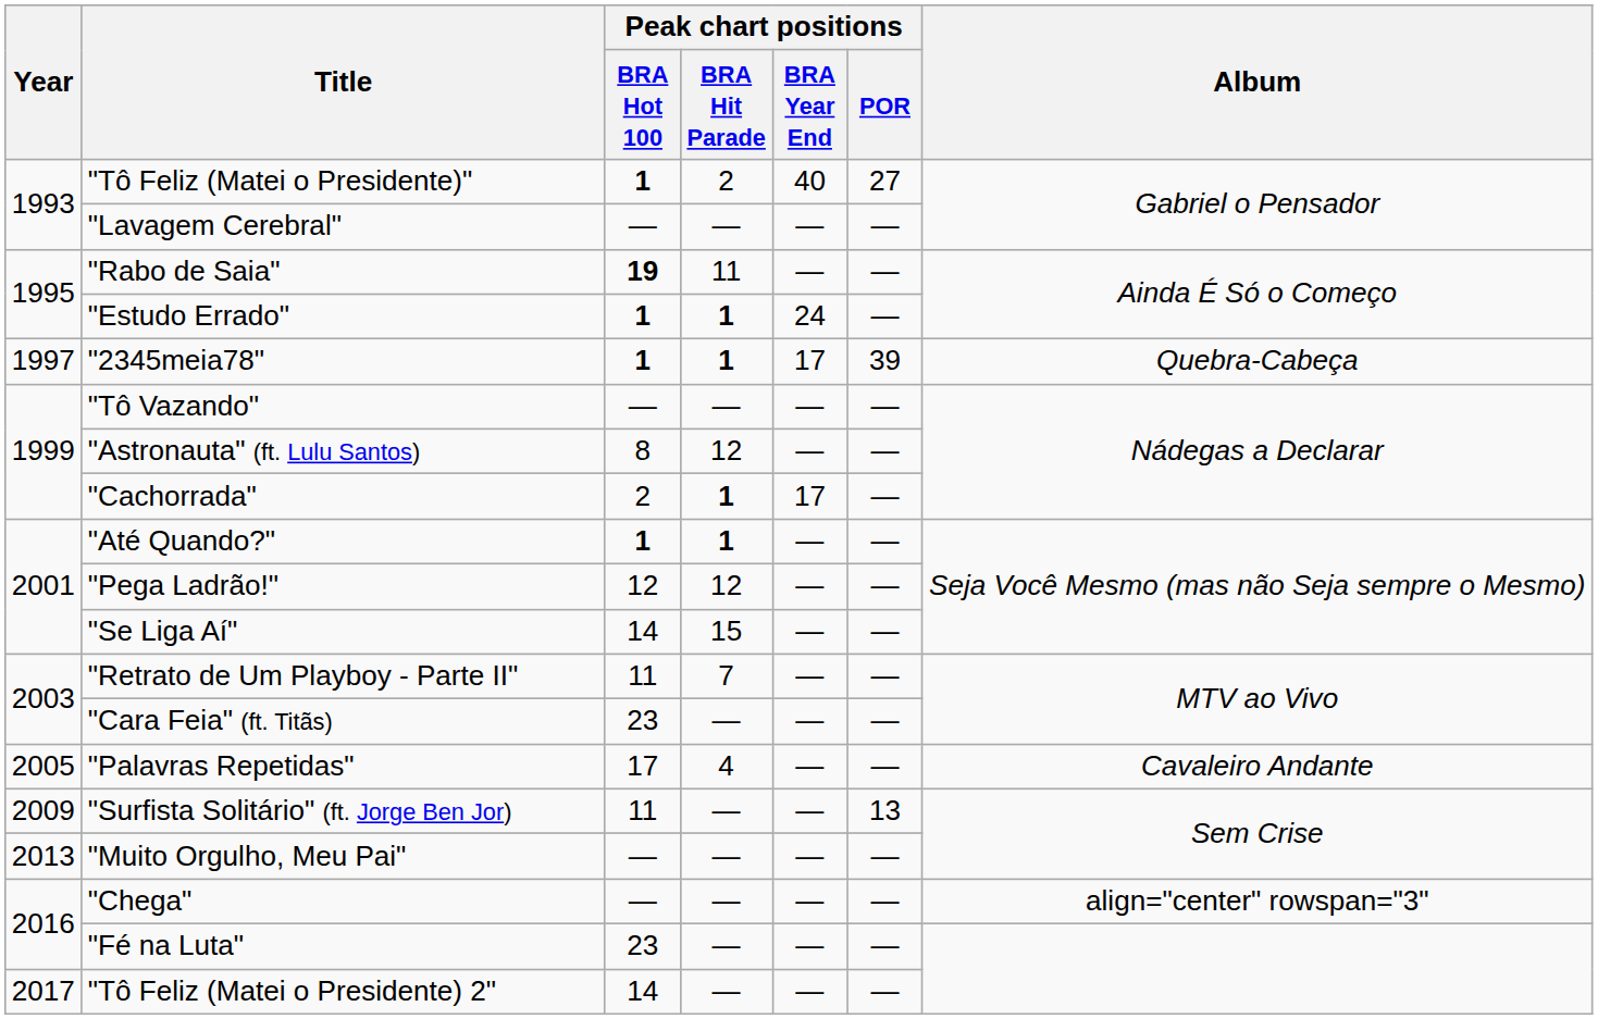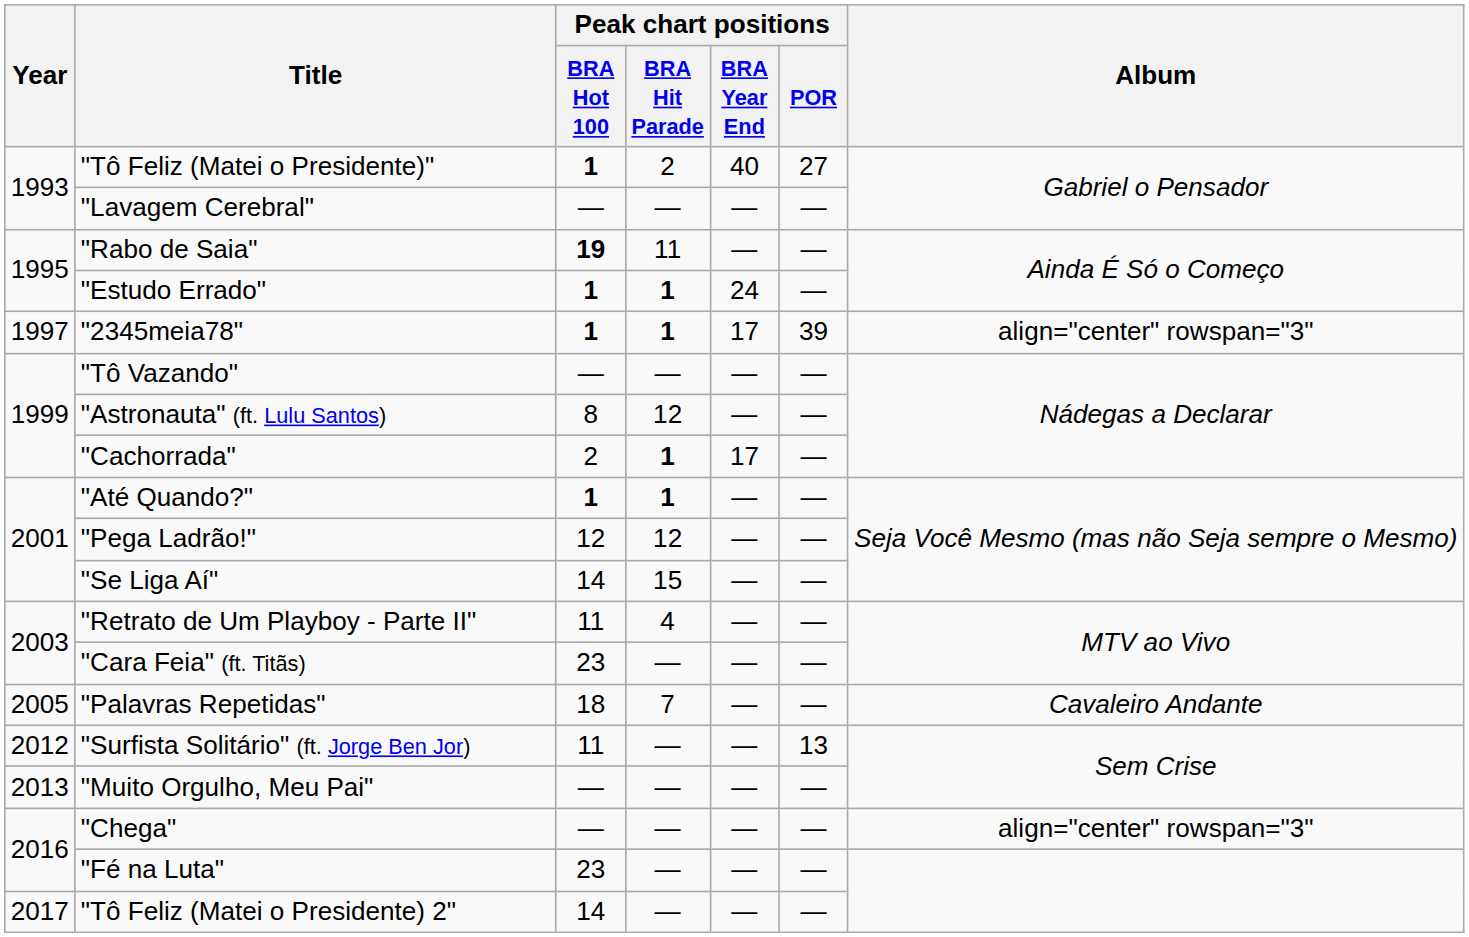 <table class="wikitable plainrowheaders" style="text-align:center;">
 <tr>
 <th scope="col" rowspan="2">Year</th>
 <th scope="col" rowspan="2" style="width:18em;">Title</th>
 <th scope="col" colspan="4">Peak chart positions</th>
 <th scope="col" rowspan="2">Album</th>
 </tr>
 <tr>
 <th align="center" width="35"><small><a href='#'>BRA Hot 100</a></small></th>
 <th align="center" width="35"><small><a href='#'>BRA Hit Parade</a></small></th>
 <th align="center" width="35"><small><a href='#'>BRA Year End</a></small></th>
 <th align="center" width="35"><small><a href='#'>POR</a></small></th>
 </tr>
 <tr>
 <td align="left" rowspan="2">1993</td>
 <td align="left">"Tô Feliz (Matei o Presidente)"</td>
 <td align="center"><strong>1</strong></td>
 <td align="center">2</td>
 <td align="center">40</td>
 <td align="center">27</td>
 <td align="center" rowspan="2"><em>Gabriel o Pensador</em></td>
 </tr>
 <tr>
 <td align="left">"Lavagem Cerebral"</td>
 <td align="center">—</td>
 <td align="center">—</td>
 <td align="center">—</td>
 <td align="center">—</td>
 </tr>
 <tr>
 <td rowspan="2">1995</td>
 <td align="left">"Rabo de Saia"</td>
 <td align="center"><strong>19</strong></td>
 <td align="center">11</td>
 <td align="center">—</td>
 <td align="center">—</td>
 <td align="center" rowspan="2"><em>Ainda É Só o Começo</em></td>
 </tr>
 <tr>
 <td align="left">"Estudo Errado"</td>
 <td align="center"><strong>1</strong></td>
 <td align="center"><strong>1</strong></td>
 <td align="center">24</td>
 <td align="center">—</td>
 </tr>
 <tr>
 <td>1997</td>
 <td align="left">"2345meia78"</td>
 <td align="center"><strong>1</strong></td>
 <td align="center"><strong>1</strong></td>
 <td align="center">17</td>
 <td align="center">39</td>
-<td align="center"><em>Quebra-Cabeça</em></td>
+<td>align="center" rowspan="3" </td>
 </tr>
 <tr>
 <td rowspan="3">1999</td>
 <td align="left">"Tô Vazando"</td>
 <td align="center">—</td>
 <td align="center">—</td>
 <td align="center">—</td>
 <td align="center">—</td>
 <td align="center" rowspan="3"><em>Nádegas a Declarar</em></td>
 </tr>
 <tr>
 <td align="left">"Astronauta" <small>(ft. <a href='#'>Lulu Santos</a>)</small></td>
 <td align="center">8</td>
 <td align="center">12</td>
 <td align="center">—</td>
 <td align="center">—</td>
 </tr>
 <tr>
 <td align="left">"Cachorrada"</td>
 <td align="center">2</td>
 <td align="center"><strong>1</strong></td>
 <td align="center">17</td>
 <td align="center">—</td>
 </tr>
 <tr>
 <td align="left" rowspan="3">2001</td>
 <td align="left">"Até Quando?"</td>
 <td align="center"><strong>1</strong></td>
 <td align="center"><strong>1</strong></td>
 <td align="center">—</td>
 <td align="center">—</td>
 <td align="center" rowspan="3"><em>Seja Você Mesmo (mas não Seja sempre o Mesmo)</em></td>
 </tr>
 <tr>
 <td align="left">"Pega Ladrão!"</td>
 <td align="center">12</td>
 <td align="center">12</td>
 <td align="center">—</td>
 <td align="center">—</td>
 </tr>
 <tr>
 <td align="left">"Se Liga Aí"</td>
 <td align="center">14</td>
 <td align="center">15</td>
 <td align="center">—</td>
 <td align="center">—</td>
 </tr>
 <tr>
 <td align="left" rowspan="2">2003</td>
 <td align="left">"Retrato de Um Playboy - Parte II"</td>
 <td align="center">11</td>
-<td align="center">7</td>
+<td align="center">4</td>
 <td align="center">—</td>
 <td align="center">—</td>
 <td align="center" rowspan="2"><em>MTV ao Vivo</em></td>
 </tr>
 <tr>
 <td align="left">"Cara Feia" <small>(ft. Titãs)</small></td>
 <td align="center">23</td>
 <td align="center">—</td>
 <td align="center">—</td>
 <td align="center">—</td>
 </tr>
 <tr>
 <td>2005</td>
 <td align="left">"Palavras Repetidas"</td>
-<td align="center">17</td>
-<td align="center">4</td>
+<td align="center">18</td>
+<td align="center">7</td>
 <td align="center">—</td>
 <td align="center">—</td>
 <td align="center"><em>Cavaleiro Andante</em></td>
 </tr>
 <tr>
-<td>2009</td>
+<td>2012</td>
 <td align="left">"Surfista Solitário" <small>(ft. <a href='#'>Jorge Ben Jor</a>)</small></td>
 <td align="center">11</td>
 <td align="center">—</td>
 <td align="center">—</td>
 <td align="center">13</td>
 <td align="center" rowspan="2"><em>Sem Crise</em></td>
 </tr>
 <tr>
 <td>2013</td>
 <td align="left">"Muito Orgulho, Meu Pai"</td>
 <td align="center">—</td>
 <td align="center">—</td>
 <td align="center">—</td>
 <td align="center">—</td>
 </tr>
 <tr>
 <td align="left" rowspan="2">2016</td>
 <td align="left">"Chega"</td>
 <td align="center">—</td>
 <td align="center">—</td>
 <td align="center">—</td>
 <td align="center">—</td>
 <td>align="center" rowspan="3" </td>
 </tr>
 <tr>
 <td align="left">"Fé na Luta"</td>
 <td align="center">23</td>
 <td align="center">—</td>
 <td align="center">—</td>
 <td align="center">—</td>
 </tr>
 <tr>
 <td align="left" rowspan="1">2017</td>
 <td align="left">"Tô Feliz (Matei o Presidente) 2"</td>
 <td align="center">14</td>
 <td align="center">—</td>
 <td align="center">—</td>
 <td align="center">—</td>
 </tr>
 </table>
